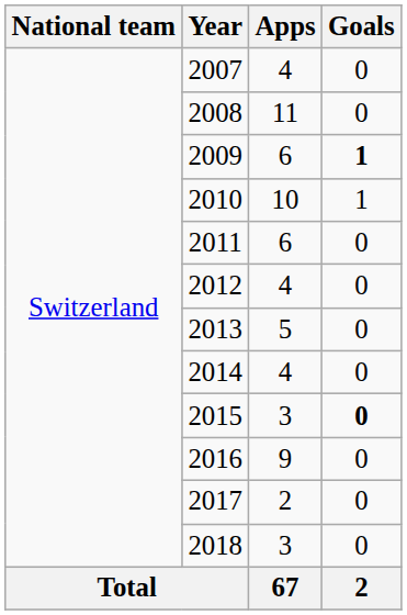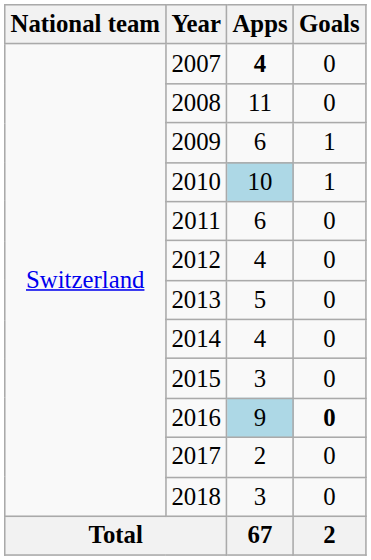 <table class=wikitable style="text-align: center">
 <tr>
 <th>National team</th>
 <th>Year</th>
 <th>Apps</th>
 <th>Goals</th>
 </tr>
 <tr>
 <td rowspan="12"><a href='#'>Switzerland</a></td>
 <td>2007</td>
-<td>4</td>
+<td><strong>4</strong></td>
 <td>0</td>
 </tr>
 <tr>
 <td>2008</td>
 <td>11</td>
 <td>0</td>
 </tr>
 <tr>
 <td>2009</td>
 <td>6</td>
-<td><strong>1</strong></td>
+<td>1</td>
 </tr>
 <tr>
 <td>2010</td>
-<td>10</td>
+<td style="background: lightblue;">10</td>
 <td>1</td>
 </tr>
 <tr>
 <td>2011</td>
 <td>6</td>
 <td>0</td>
 </tr>
 <tr>
 <td>2012</td>
 <td>4</td>
 <td>0</td>
 </tr>
 <tr>
 <td>2013</td>
 <td>5</td>
 <td>0</td>
 </tr>
 <tr>
 <td>2014</td>
 <td>4</td>
 <td>0</td>
 </tr>
 <tr>
 <td>2015</td>
 <td>3</td>
-<td><strong>0</strong></td>
+<td>0</td>
 </tr>
 <tr>
 <td>2016</td>
-<td>9</td>
-<td>0</td>
+<td style="background: lightblue;">9</td>
+<td><strong>0</strong></td>
 </tr>
 <tr>
 <td>2017</td>
 <td>2</td>
 <td>0</td>
 </tr>
 <tr>
 <td>2018</td>
 <td>3</td>
 <td>0</td>
 </tr>
 <tr>
 <th colspan="2">Total</th>
 <th>67</th>
 <th>2</th>
 </tr>
 </table>
